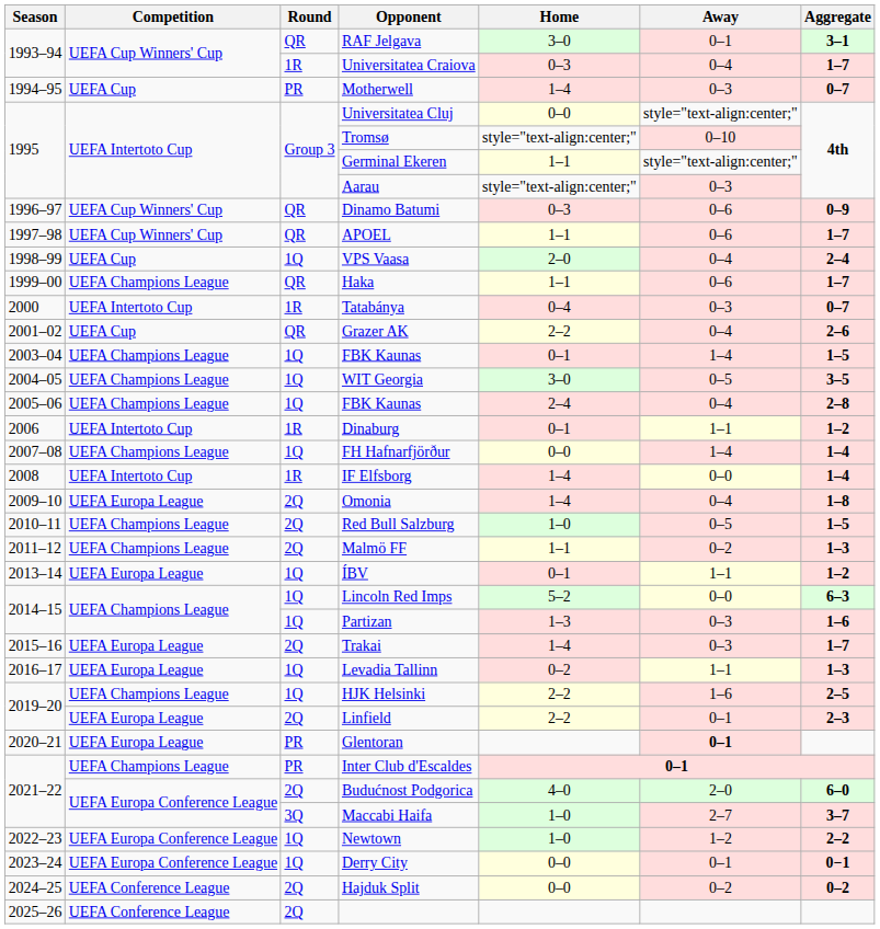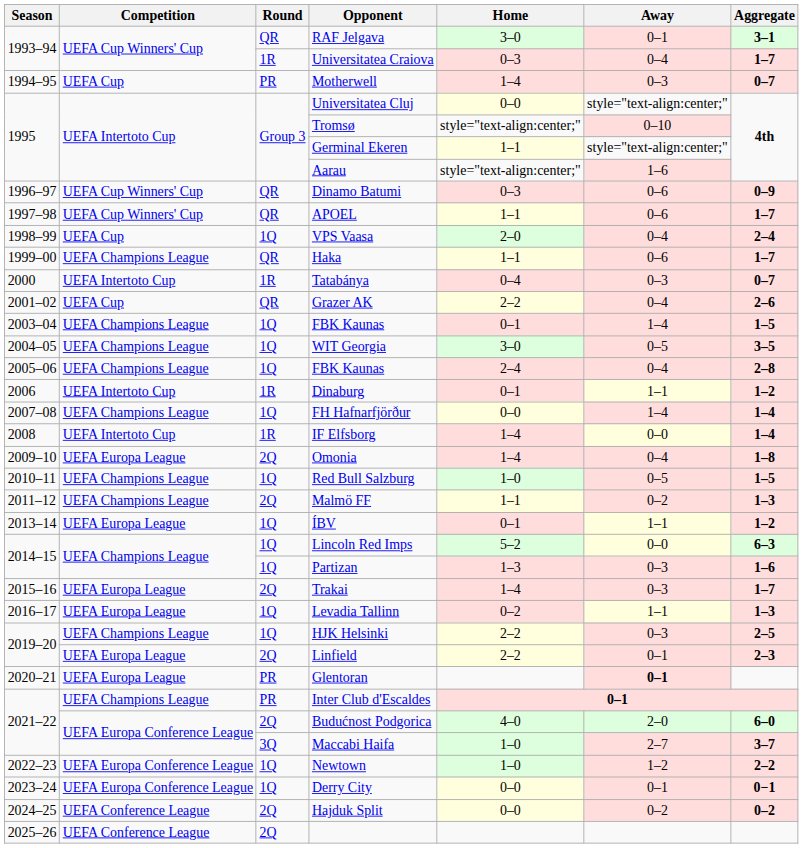 <table class="wikitable" style="text-align:left;">
 <tr>
 <th>Season</th>
 <th>Competition</th>
 <th>Round</th>
 <th>Opponent</th>
 <th>Home</th>
 <th>Away</th>
 <th>Aggregate</th>
 </tr>
 <tr>
 <td rowspan="2">1993–94</td>
 <td rowspan="2"><a href='#'>UEFA Cup Winners' Cup</a></td>
 <td><a href='#'>QR</a></td>
 <td> <a href='#'>RAF Jelgava</a></td>
 <td bgcolor="#ddffdd" style="text-align:center;">3–0</td>
 <td bgcolor="#ffdddd" style="text-align:center;">0–1</td>
 <td bgcolor="#ddffdd" style="text-align:center;"><strong>3–1</strong></td>
 </tr>
 <tr>
 <td><a href='#'>1R</a></td>
 <td> <a href='#'>Universitatea Craiova</a></td>
 <td bgcolor="#ffdddd" style="text-align:center;">0–3</td>
 <td bgcolor="#ffdddd" style="text-align:center;">0–4</td>
 <td bgcolor="#ffdddd" style="text-align:center;"><strong>1–7</strong></td>
 </tr>
 <tr>
 <td>1994–95</td>
 <td><a href='#'>UEFA Cup</a></td>
 <td><a href='#'>PR</a></td>
 <td> <a href='#'>Motherwell</a></td>
 <td bgcolor="#ffdddd" style="text-align:center;">1–4</td>
 <td bgcolor="#ffdddd" style="text-align:center;">0–3</td>
 <td bgcolor="#ffdddd" style="text-align:center;"><strong>0–7</strong></td>
 </tr>
 <tr>
 <td rowspan="4">1995</td>
 <td rowspan="4"><a href='#'>UEFA Intertoto Cup</a></td>
 <td rowspan="4"><a href='#'>Group 3</a></td>
 <td> <a href='#'>Universitatea Cluj</a></td>
 <td bgcolor="#ffffdd" style="text-align:center;">0–0</td>
 <td>style="text-align:center;" </td>
 <td rowspan=4 style="text-align:center;"><strong>4th</strong></td>
 </tr>
 <tr>
 <td> <a href='#'>Tromsø</a></td>
 <td>style="text-align:center;" </td>
 <td bgcolor="#ffdddd" style="text-align:center;">0–10</td>
 </tr>
 <tr>
 <td> <a href='#'>Germinal Ekeren</a></td>
 <td bgcolor="#ffffdd" style="text-align:center;">1–1</td>
 <td>style="text-align:center;" </td>
 </tr>
 <tr>
 <td> <a href='#'>Aarau</a></td>
 <td>style="text-align:center;" </td>
-<td bgcolor="#ffdddd" style="text-align:center;">0–3</td>
+<td bgcolor="#ffdddd" style="text-align:center;">1–6</td>
 </tr>
 <tr>
 <td>1996–97</td>
 <td><a href='#'>UEFA Cup Winners' Cup</a></td>
 <td><a href='#'>QR</a></td>
 <td> <a href='#'>Dinamo Batumi</a></td>
 <td bgcolor="#ffdddd" style="text-align:center;">0–3</td>
 <td bgcolor="#ffdddd" style="text-align:center;">0–6</td>
 <td bgcolor="#ffdddd" style="text-align:center;"><strong>0–9</strong></td>
 </tr>
 <tr>
 <td>1997–98</td>
 <td><a href='#'>UEFA Cup Winners' Cup</a></td>
 <td><a href='#'>QR</a></td>
 <td> <a href='#'>APOEL</a></td>
 <td bgcolor="#ffffdd" style="text-align:center;">1–1</td>
 <td bgcolor="#ffdddd" style="text-align:center;">0–6</td>
 <td bgcolor="#ffdddd" style="text-align:center;"><strong>1–7</strong></td>
 </tr>
 <tr>
 <td>1998–99</td>
 <td><a href='#'>UEFA Cup</a></td>
 <td><a href='#'>1Q</a></td>
 <td> <a href='#'>VPS Vaasa</a></td>
 <td bgcolor="#ddffdd" style="text-align:center;">2–0</td>
 <td bgcolor="#ffdddd" style="text-align:center;">0–4</td>
 <td bgcolor="#ffdddd" style="text-align:center;"><strong>2–4</strong></td>
 </tr>
 <tr>
 <td>1999–00</td>
 <td><a href='#'>UEFA Champions League</a></td>
 <td><a href='#'>QR</a></td>
 <td> <a href='#'>Haka</a></td>
 <td bgcolor="#ffffdd" style="text-align:center;">1–1</td>
 <td bgcolor="#ffdddd" style="text-align:center;">0–6</td>
 <td bgcolor="#ffdddd" style="text-align:center;"><strong>1–7</strong></td>
 </tr>
 <tr>
 <td>2000</td>
 <td><a href='#'>UEFA Intertoto Cup</a></td>
 <td><a href='#'>1R</a></td>
 <td> <a href='#'>Tatabánya</a></td>
 <td bgcolor="#ffdddd" style="text-align:center;">0–4</td>
 <td bgcolor="#ffdddd" style="text-align:center;">0–3</td>
 <td bgcolor="#ffdddd" style="text-align:center;"><strong>0–7</strong></td>
 </tr>
 <tr>
 <td>2001–02</td>
 <td><a href='#'>UEFA Cup</a></td>
 <td><a href='#'>QR</a></td>
 <td> <a href='#'>Grazer AK</a></td>
 <td bgcolor="#ffffdd" style="text-align:center;">2–2</td>
 <td bgcolor="#ffdddd" style="text-align:center;">0–4</td>
 <td bgcolor="#ffdddd" style="text-align:center;"><strong>2–6</strong></td>
 </tr>
 <tr>
 <td>2003–04</td>
 <td><a href='#'>UEFA Champions League</a></td>
 <td><a href='#'>1Q</a></td>
 <td> <a href='#'>FBK Kaunas</a></td>
 <td bgcolor="#ffdddd" style="text-align:center;">0–1</td>
 <td bgcolor="#ffdddd" style="text-align:center;">1–4</td>
 <td bgcolor="#ffdddd" style="text-align:center;"><strong>1–5</strong></td>
 </tr>
 <tr>
 <td>2004–05</td>
 <td><a href='#'>UEFA Champions League</a></td>
 <td><a href='#'>1Q</a></td>
 <td> <a href='#'>WIT Georgia</a></td>
 <td bgcolor="#ddffdd" style="text-align:center;">3–0</td>
 <td bgcolor="#ffdddd" style="text-align:center;">0–5</td>
 <td bgcolor="#ffdddd" style="text-align:center;"><strong>3–5</strong></td>
 </tr>
 <tr>
 <td>2005–06</td>
 <td><a href='#'>UEFA Champions League</a></td>
 <td><a href='#'>1Q</a></td>
 <td> <a href='#'>FBK Kaunas</a></td>
 <td bgcolor="#ffdddd" style="text-align:center;">2–4</td>
 <td bgcolor="#ffdddd" style="text-align:center;">0–4</td>
 <td bgcolor="#ffdddd" style="text-align:center;"><strong>2–8</strong></td>
 </tr>
 <tr>
 <td>2006</td>
 <td><a href='#'>UEFA Intertoto Cup</a></td>
 <td><a href='#'>1R</a></td>
 <td> <a href='#'>Dinaburg</a></td>
 <td bgcolor="#ffdddd" style="text-align:center;">0–1</td>
 <td bgcolor="#ffffdd" style="text-align:center;">1–1</td>
 <td bgcolor="#ffdddd" style="text-align:center;"><strong>1–2</strong></td>
 </tr>
 <tr>
 <td>2007–08</td>
 <td><a href='#'>UEFA Champions League</a></td>
 <td><a href='#'>1Q</a></td>
 <td> <a href='#'>FH Hafnarfjörður</a></td>
 <td bgcolor="#ffffdd" style="text-align:center;">0–0</td>
 <td bgcolor="#ffdddd" style="text-align:center;">1–4</td>
 <td bgcolor="#ffdddd" style="text-align:center;"><strong>1–4</strong></td>
 </tr>
 <tr>
 <td>2008</td>
 <td><a href='#'>UEFA Intertoto Cup</a></td>
 <td><a href='#'>1R</a></td>
 <td> <a href='#'>IF Elfsborg</a></td>
 <td bgcolor="#ffdddd" style="text-align:center;">1–4</td>
 <td bgcolor="#ffffdd" style="text-align:center;">0–0</td>
 <td bgcolor="#ffdddd" style="text-align:center;"><strong>1–4</strong></td>
 </tr>
 <tr>
 <td>2009–10</td>
 <td><a href='#'>UEFA Europa League</a></td>
 <td><a href='#'>2Q</a></td>
 <td> <a href='#'>Omonia</a></td>
 <td bgcolor="#ffdddd" style="text-align:center;">1–4</td>
 <td bgcolor="#ffdddd" style="text-align:center;">0–4</td>
 <td bgcolor="#ffdddd" style="text-align:center;"><strong>1–8</strong></td>
 </tr>
 <tr>
 <td>2010–11</td>
 <td><a href='#'>UEFA Champions League</a></td>
-<td><a href='#'>2Q</a></td>
+<td><a href='#'>1Q</a></td>
 <td> <a href='#'>Red Bull Salzburg</a></td>
 <td bgcolor="#ddffdd" style="text-align:center;">1–0</td>
 <td bgcolor="#ffdddd" style="text-align:center;">0–5</td>
 <td bgcolor="#ffdddd" style="text-align:center;"><strong>1–5</strong></td>
 </tr>
 <tr>
 <td>2011–12</td>
 <td><a href='#'>UEFA Champions League</a></td>
 <td><a href='#'>2Q</a></td>
 <td> <a href='#'>Malmö FF</a></td>
 <td bgcolor="#ffffdd" style="text-align:center;">1–1</td>
 <td bgcolor="#ffdddd" style="text-align:center;">0–2</td>
 <td bgcolor="#ffdddd" style="text-align:center;"><strong>1–3</strong></td>
 </tr>
 <tr>
 <td>2013–14</td>
 <td><a href='#'>UEFA Europa League</a></td>
 <td><a href='#'>1Q</a></td>
 <td> <a href='#'>ÍBV</a></td>
 <td bgcolor="#ffdddd" style="text-align:center;">0–1</td>
 <td bgcolor="#ffffdd" style="text-align:center;">1–1</td>
 <td bgcolor="#ffdddd" style="text-align:center;"><strong>1–2</strong></td>
 </tr>
 <tr>
 <td rowspan="2">2014–15</td>
 <td rowspan="2"><a href='#'>UEFA Champions League</a></td>
 <td><a href='#'>1Q</a></td>
 <td> <a href='#'>Lincoln Red Imps</a></td>
 <td bgcolor="#ddffdd" style="text-align:center;">5–2</td>
 <td bgcolor="#ffffdd" style="text-align:center;">0–0</td>
 <td bgcolor="#ddffdd" style="text-align:center;"><strong>6–3</strong></td>
 </tr>
 <tr>
 <td><a href='#'>1Q</a></td>
 <td> <a href='#'>Partizan</a></td>
 <td bgcolor="#ffdddd" style="text-align:center;">1–3</td>
 <td bgcolor="#ffdddd" style="text-align:center;">0–3</td>
 <td bgcolor="#ffdddd" style="text-align:center;"><strong>1–6</strong></td>
 </tr>
 <tr>
 <td>2015–16</td>
 <td><a href='#'>UEFA Europa League</a></td>
 <td><a href='#'>2Q</a></td>
 <td> <a href='#'>Trakai</a></td>
 <td bgcolor="#ffdddd" style="text-align:center;">1–4</td>
 <td bgcolor="#ffdddd" style="text-align:center;">0–3</td>
 <td bgcolor="#ffdddd" style="text-align:center;"><strong>1–7</strong></td>
 </tr>
 <tr>
 <td>2016–17</td>
 <td><a href='#'>UEFA Europa League</a></td>
 <td><a href='#'>1Q</a></td>
 <td> <a href='#'>Levadia Tallinn</a></td>
 <td bgcolor="#ffdddd" style="text-align:center;">0–2</td>
 <td bgcolor="#ffffdd" style="text-align:center;">1–1</td>
 <td bgcolor="#ffdddd" style="text-align:center;"><strong>1–3</strong></td>
 </tr>
 <tr>
 <td rowspan="2">2019–20</td>
 <td><a href='#'>UEFA Champions League</a></td>
 <td><a href='#'>1Q</a></td>
 <td> <a href='#'>HJK Helsinki</a></td>
 <td bgcolor="#ffffdd" style="text-align:center;">2–2</td>
-<td bgcolor="#ffdddd" style="text-align:center;">1–6</td>
+<td bgcolor="#ffdddd" style="text-align:center;">0–3</td>
 <td bgcolor="#ffdddd" style="text-align:center;"><strong>2–5</strong></td>
 </tr>
 <tr>
 <td><a href='#'>UEFA Europa League</a></td>
 <td><a href='#'>2Q</a></td>
 <td> <a href='#'>Linfield</a></td>
 <td bgcolor="#ffffdd" style="text-align:center;">2–2</td>
 <td bgcolor="#ffdddd" style="text-align:center;">0–1</td>
 <td bgcolor="#ffdddd" style="text-align:center;"><strong>2–3</strong></td>
 </tr>
 <tr>
 <td>2020–21</td>
 <td><a href='#'>UEFA Europa League</a></td>
 <td><a href='#'>PR</a></td>
 <td> <a href='#'>Glentoran</a></td>
 <td></td>
 <td bgcolor="#ffdddd" style="text-align:center;"><strong>0–1</strong></td>
 <td></td>
 </tr>
 <tr>
 <td rowspan="3">2021–22</td>
 <td><a href='#'>UEFA Champions League</a></td>
 <td><a href='#'>PR</a></td>
 <td> <a href='#'>Inter Club d'Escaldes</a></td>
 <td bgcolor="#ffdddd" style="text-align:center;" colspan="3"><strong>0–1</strong></td>
 </tr>
 <tr>
 <td rowspan="2"><a href='#'>UEFA Europa Conference League</a></td>
 <td><a href='#'>2Q</a></td>
 <td> <a href='#'>Budućnost Podgorica</a></td>
 <td bgcolor="#ddffdd" style="text-align:center;">4–0</td>
 <td bgcolor="#ddffdd" style="text-align:center;">2–0</td>
 <td bgcolor="#ddffdd" style="text-align:center;"><strong>6–0</strong></td>
 </tr>
 <tr>
 <td><a href='#'>3Q</a></td>
 <td> <a href='#'>Maccabi Haifa</a></td>
 <td bgcolor="#ddffdd" style="text-align:center;">1–0</td>
 <td bgcolor="#ffdddd" style="text-align:center;">2–7</td>
 <td bgcolor="#ffdddd" style="text-align:center;"><strong>3–7</strong></td>
 </tr>
 <tr>
 <td>2022–23</td>
 <td><a href='#'>UEFA Europa Conference League</a></td>
 <td><a href='#'>1Q</a></td>
 <td> <a href='#'>Newtown</a></td>
 <td bgcolor="#ddffdd" style="text-align:center;">1–0</td>
 <td bgcolor="#ffdddd" style="text-align:center;">1–2 </td>
 <td bgcolor="#ffdddd" style="text-align:center;"><strong>2–2</strong> </td>
 </tr>
 <tr>
 <td>2023–24</td>
 <td><a href='#'>UEFA Europa Conference League</a></td>
 <td><a href='#'>1Q</a></td>
 <td> <a href='#'>Derry City</a></td>
 <td bgcolor="#ffffdd" style="text-align:center;">0–0</td>
 <td bgcolor="#ffdddd" style="text-align:center;">0–1</td>
 <td bgcolor="#ffdddd" style="text-align:center;"><strong>0−1</strong></td>
 </tr>
 <tr>
 <td>2024–25</td>
 <td><a href='#'>UEFA Conference League</a></td>
 <td><a href='#'>2Q</a></td>
 <td> <a href='#'>Hajduk Split</a></td>
 <td bgcolor="#ffffdd" style="text-align:center;">0–0</td>
 <td bgcolor="#ffdddd" style="text-align:center;">0–2</td>
 <td bgcolor="#ffdddd" style="text-align:center;"><strong>0–2</strong></td>
 </tr>
 <tr>
 <td>2025–26</td>
 <td><a href='#'>UEFA Conference League</a></td>
 <td><a href='#'>2Q</a></td>
 <td></td>
 <td style="text-align:center;"></td>
 <td style="text-align:center;"></td>
 <td style="text-align:center;"></td>
 </tr>
 </table>
